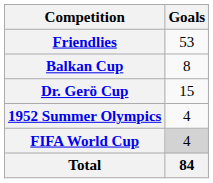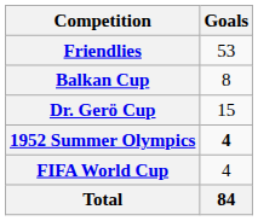 <table class="wikitable plainrowheaders sortable" style="text-align:center; font-size:95%">
 <tr>
 <th scope="col">Competition</th>
 <th scope="col">Goals</th>
 </tr>
 <tr>
 <th scope="row"><a href='#'>Friendlies</a></th>
 <td>53</td>
 </tr>
 <tr>
 <th scope="row"><a href='#'>Balkan Cup</a></th>
 <td>8</td>
 </tr>
 <tr>
 <th scope="row"><a href='#'>Dr. Gerö Cup</a></th>
 <td>15</td>
 </tr>
 <tr>
 <th scope="row"><a href='#'>1952 Summer Olympics</a></th>
-<td>4</td>
+<td><strong>4</strong></td>
 </tr>
 <tr>
 <th scope="row"><a href='#'>FIFA World Cup</a></th>
-<td style="background: lightgrey;">4</td>
+<td>4</td>
 </tr>
 <tr>
 <th>Total</th>
 <th>84</th>
 </tr>
 </table>
